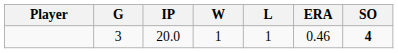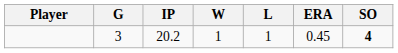 <table class="wikitable sortable">
 <tr>
 <th bgcolor="#DDDDFF" width="16%">Player</th>
 <th bgcolor="#DDDDFF" width="9%">G</th>
 <th bgcolor="#DDDDFF" width="9%">IP</th>
 <th bgcolor="#DDDDFF" width="9%">W</th>
 <th bgcolor="#DDDDFF" width="9%">L</th>
 <th bgcolor="#DDDDFF" width="9%">ERA</th>
 <th bgcolor="#DDDDFF" width="9%">SO</th>
 </tr>
 <tr align="center">
 <td></td>
 <td>3</td>
-<td>20.0</td>
+<td>20.2</td>
 <td>1</td>
 <td>1</td>
-<td>0.46</td>
+<td>0.45</td>
 <td><strong>4</strong></td>
 </tr>
 </table>
